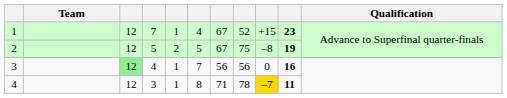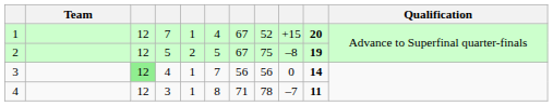 <table class="wikitable" style="text-align: center; font-size: 100%;">
 <tr>
 <th width="20"></th>
 <th width="130">Team</th>
 <th width="25"></th>
 <th width="25"></th>
 <th width="25"></th>
 <th width="25"></th>
 <th width="25"></th>
 <th width="25"></th>
 <th width="25"></th>
 <th width="25"></th>
 <th width="280">Qualification</th>
 </tr>
 <tr style="background-color: #ccffcc;">
 <td>1</td>
 <td align=left></td>
 <td>12</td>
 <td>7</td>
 <td>1</td>
 <td>4</td>
 <td>67</td>
 <td>52</td>
 <td>+15</td>
-<td><strong>23</strong></td>
+<td><strong>20</strong></td>
 <td rowspan="2">Advance to Superfinal quarter-finals</td>
 </tr>
 <tr style="background-color: #ccffcc;">
 <td>2</td>
 <td align=left></td>
 <td>12</td>
 <td>5</td>
 <td>2</td>
 <td>5</td>
 <td>67</td>
 <td>75</td>
 <td>–8</td>
 <td><strong>19</strong></td>
 </tr>
 <tr>
 <td>3</td>
 <td align=left></td>
 <td style="background: lightgreen;">12</td>
 <td>4</td>
 <td>1</td>
 <td>7</td>
 <td>56</td>
 <td>56</td>
 <td>0</td>
-<td><strong>16</strong></td>
+<td><strong>14</strong></td>
 <td rowspan="2"></td>
 </tr>
 <tr>
 <td>4</td>
 <td align=left></td>
 <td>12</td>
 <td>3</td>
 <td>1</td>
 <td>8</td>
 <td>71</td>
 <td>78</td>
-<td style="background: gold;">–7</td>
+<td>–7</td>
 <td><strong>11</strong></td>
 </tr>
 </table>
